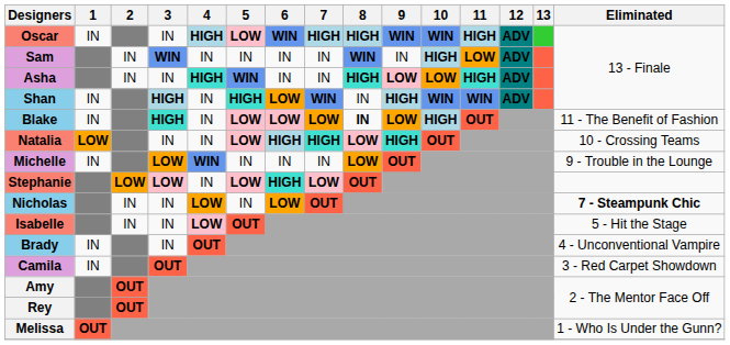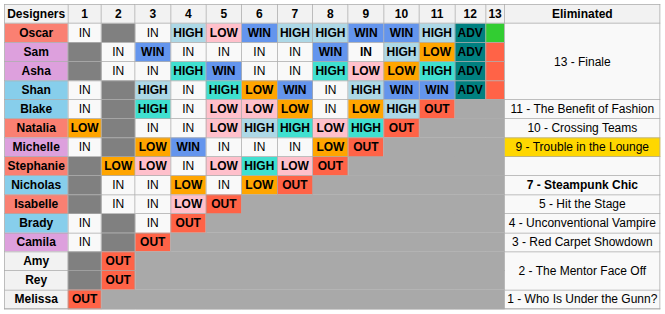 <table class="wikitable" style="text-align:center">
 <tr>
 <th>Designers</th>
 <th>1</th>
 <th>2</th>
 <th>3</th>
 <th>4</th>
 <th>5</th>
 <th>6</th>
 <th>7</th>
 <th>8</th>
 <th>9</th>
 <th>10</th>
 <th>11</th>
 <th>12</th>
 <th>13</th>
 <th>Eliminated</th>
 </tr>
 <tr>
 <th style="background:#FA8072;">Oscar</th>
 <td>IN</td>
 <td style="background:gray;" colspan="1"></td>
 <td>IN</td>
 <td style="background:lightblue;"><strong>HIGH</strong></td>
 <td style="background:pink;"><strong>LOW</strong></td>
 <td style="background:cornflowerblue;"><strong>WIN</strong></td>
 <td style="background:lightblue;"><strong>HIGH</strong></td>
 <td style="background:lightblue;"><strong>HIGH</strong></td>
 <td style="background:cornflowerblue;"><strong>WIN</strong></td>
 <td style="background:cornflowerblue;"><strong>WIN</strong></td>
 <td style="background:lightblue;"><strong>HIGH</strong></td>
 <td style="background:teal;"><strong>ADV</strong></td>
 <td style="background:Limegreen;"></td>
 <td rowspan="4">13 - Finale</td>
 </tr>
 <tr>
 <th style="background:#DDA0DD;">Sam</th>
 <td style="background:gray;" colspan="1"></td>
 <td>IN</td>
 <td style="background:cornflowerblue;"><strong>WIN</strong></td>
 <td>IN</td>
 <td>IN</td>
 <td>IN</td>
 <td>IN</td>
 <td style="background:cornflowerblue;"><strong>WIN</strong></td>
-<td>IN</td>
+<td><strong>IN</strong></td>
 <td style="background:lightblue;"><strong>HIGH</strong></td>
 <td style="background:orange;"><strong>LOW</strong></td>
 <td style="background:teal;"><strong>ADV</strong></td>
 <td style="background:tomato;"></td>
 </tr>
 <tr>
 <th style="background:#DDA0DD;">Asha</th>
 <td style="background:gray;" colspan="1"></td>
 <td>IN</td>
 <td>IN</td>
 <td style="background:turquoise;"><strong>HIGH</strong></td>
 <td style="background:cornflowerblue;"><strong>WIN</strong></td>
 <td>IN</td>
 <td>IN</td>
 <td style="background:turquoise;"><strong>HIGH</strong></td>
 <td style="background:pink;"><strong>LOW</strong></td>
 <td style="background:orange;"><strong>LOW</strong></td>
 <td style="background:turquoise;"><strong>HIGH</strong></td>
 <td style="background:teal;"><strong>ADV</strong></td>
 <td style="background:tomato;"></td>
 </tr>
 <tr>
 <th style="background:#87CEEB;">Shan</th>
 <td>IN</td>
 <td style="background:gray;" colspan="1"></td>
 <td style="background:lightblue;"><strong>HIGH</strong></td>
 <td>IN</td>
 <td style="background:turquoise;"><strong>HIGH</strong></td>
 <td style="background:orange;"><strong>LOW</strong></td>
 <td style="background:cornflowerblue;"><strong>WIN</strong></td>
 <td>IN</td>
 <td style="background:lightblue;"><strong>HIGH</strong></td>
 <td style="background:cornflowerblue;"><strong>WIN</strong></td>
 <td style="background:cornflowerblue;"><strong>WIN</strong></td>
 <td style="background:teal;"><strong>ADV</strong></td>
 <td style="background:tomato;"></td>
 </tr>
 <tr>
 <th style="background:#87CEEB;">Blake</th>
 <td>IN</td>
 <td style="background:gray;" colspan="1"></td>
 <td style="background:turquoise;"><strong>HIGH</strong></td>
 <td>IN</td>
 <td style="background:pink;"><strong>LOW</strong></td>
 <td style="background:pink;"><strong>LOW</strong></td>
 <td style="background:orange;"><strong>LOW</strong></td>
-<td><strong>IN</strong></td>
+<td>IN</td>
 <td style="background:orange;"><strong>LOW</strong></td>
 <td style="background:lightblue;"><strong>HIGH</strong></td>
 <td style="background:tomato;"><strong>OUT</strong></td>
 <td style="background:darkgrey;" colspan="2"></td>
 <td>11 - The Benefit of Fashion</td>
 </tr>
 <tr>
 <th style="background:#FA8072;">Natalia</th>
 <td style="background:orange;"><strong>LOW</strong></td>
 <td style="background:gray;" colspan="1"></td>
 <td>IN</td>
 <td>IN</td>
 <td style="background:pink;"><strong>LOW</strong></td>
 <td style="background:lightblue;"><strong>HIGH</strong></td>
 <td style="background:turquoise;"><strong>HIGH</strong></td>
 <td style="background:pink;"><strong>LOW</strong></td>
 <td style="background:turquoise;"><strong>HIGH</strong></td>
 <td style="background:tomato;"><strong>OUT</strong></td>
 <td style="background:darkgrey;" colspan="3"></td>
 <td>10 - Crossing Teams</td>
 </tr>
 <tr>
 <th style="background:#DDA0DD;">Michelle</th>
 <td>IN</td>
 <td style="background:gray;" colspan="1"></td>
 <td style="background:orange;"><strong>LOW</strong></td>
 <td style="background:cornflowerblue;"><strong>WIN</strong></td>
 <td>IN</td>
 <td>IN</td>
 <td>IN</td>
 <td style="background:orange;"><strong>LOW</strong></td>
 <td style="background:tomato;"><strong>OUT</strong></td>
 <td style="background:darkgray;" colspan="4"></td>
-<td>9 - Trouble in the Lounge</td>
+<td style="background: gold;">9 - Trouble in the Lounge</td>
 </tr>
 <tr>
 <th style="background:#FA8072;">Stephanie</th>
 <td style="background:gray;" colspan="1"></td>
 <td style="background:orange;"><strong>LOW</strong></td>
 <td style="background:pink;"><strong>LOW</strong></td>
 <td>IN</td>
 <td style="background:pink;"><strong>LOW</strong></td>
 <td style="background:turquoise;"><strong>HIGH</strong></td>
 <td style="background:pink;"><strong>LOW</strong></td>
 <td style="background:tomato;"><strong>OUT</strong></td>
 <td style="background:darkgray;" colspan="5"></td>
 <td></td>
 </tr>
 <tr>
 <th style="background:#87CEEB;">Nicholas</th>
 <td style="background:gray;" colspan="1"></td>
 <td>IN</td>
 <td>IN</td>
 <td style="background:orange;"><strong>LOW</strong></td>
 <td>IN</td>
 <td style="background:orange;"><strong>LOW</strong></td>
 <td style="background:tomato;"><strong>OUT</strong></td>
 <td style="background:darkgray;" colspan="6"></td>
 <td><strong>7 - Steampunk Chic</strong></td>
 </tr>
 <tr>
 <th style="background:#FA8072;">Isabelle</th>
 <td style="background:gray;" colspan="1"></td>
 <td>IN</td>
 <td>IN</td>
 <td style="background:pink;"><strong>LOW</strong></td>
 <td style="background:tomato"><strong>OUT</strong></td>
 <td style="background:darkgray;" colspan="8"></td>
 <td>5 - Hit the Stage</td>
 </tr>
 <tr>
 <th style="background:#87CEEB;">Brady</th>
 <td>IN</td>
 <td style="background:gray;" colspan="1"></td>
 <td>IN</td>
 <td style="background:tomato;"><strong>OUT</strong></td>
 <td style="background:darkgray;" colspan="9"></td>
 <td>4 - Unconventional Vampire</td>
 </tr>
 <tr>
 <th style="background:#DDA0DD;">Camila</th>
 <td>IN</td>
 <td style="background:gray;" colspan="1"></td>
 <td style="background:tomato;"><strong>OUT</strong></td>
 <td style="background:darkgray;" colspan="10"></td>
 <td>3 - Red Carpet Showdown</td>
 </tr>
 <tr>
 <th>Amy</th>
 <td style="background:gray;" colspan="1"></td>
 <td style="background:tomato;"><strong>OUT</strong></td>
 <td style="background:darkgray;" colspan="11"></td>
 <td style="text-align:center" rowspan="2">2 - The Mentor Face Off</td>
 </tr>
 <tr>
 <th>Rey</th>
 <td style="background:gray;" colspan="1"></td>
 <td style="background:tomato;"><strong>OUT</strong></td>
 <td style="background:darkgray;" colspan="11"></td>
 </tr>
 <tr>
 <th>Melissa</th>
 <td style="background:tomato;"><strong>OUT</strong></td>
 <td style="background:darkgray;" colspan="12"></td>
 <td>1 - Who Is Under the Gunn?</td>
 </tr>
 <tr>
 </tr>
 </table>
